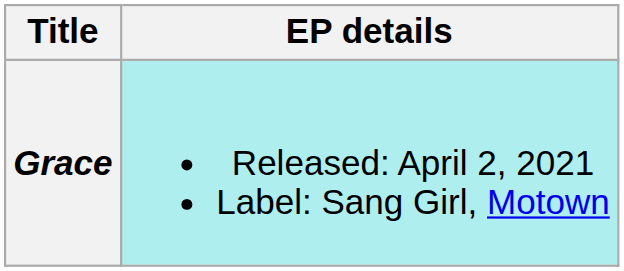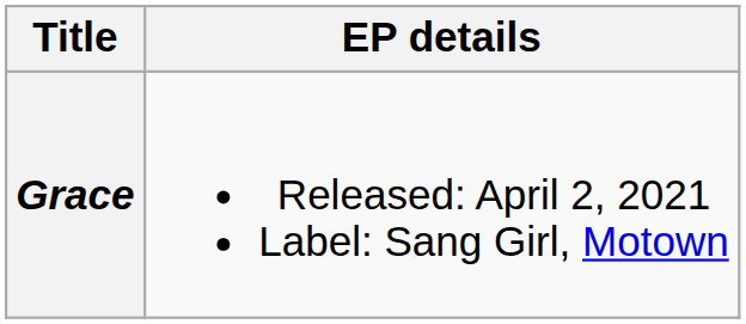 <table class="wikitable plainrowheaders" style="text-align:center;" border="1">
 <tr>
 <th scope="col">Title</th>
 <th scope="col">EP details</th>
 </tr>
 <tr>
 <th scope="row"><em>Grace</em></th>
-<td style="background: paleturquoise;"><br><ul><li>Released: April 2, 2021</li><li>Label: Sang Girl, <a href='#'>Motown</a></li></ul></td>
+<td><br><ul><li>Released: April 2, 2021</li><li>Label: Sang Girl, <a href='#'>Motown</a></li></ul></td>
 </tr>
 </table>
